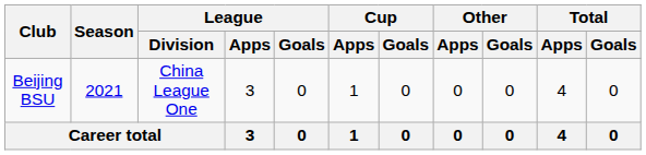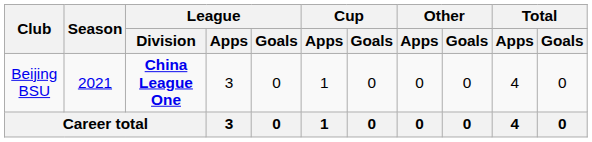 <table class="wikitable" style="text-align: center">
 <tr>
 <th rowspan="2">Club</th>
 <th rowspan="2">Season</th>
 <th colspan="3">League</th>
 <th colspan="2">Cup</th>
 <th colspan="2">Other</th>
 <th colspan="2">Total</th>
 </tr>
 <tr>
 <th>Division</th>
 <th>Apps</th>
 <th>Goals</th>
 <th>Apps</th>
 <th>Goals</th>
 <th>Apps</th>
 <th>Goals</th>
 <th>Apps</th>
 <th>Goals</th>
 </tr>
 <tr>
 <td><a href='#'>Beijing BSU</a></td>
 <td><a href='#'>2021</a></td>
-<td><a href='#'>China League One</a></td>
+<td><strong><a href='#'>China League One</a></strong></td>
 <td>3</td>
 <td>0</td>
 <td>1</td>
 <td>0</td>
 <td>0</td>
 <td>0</td>
 <td>4</td>
 <td>0</td>
 </tr>
 <tr>
 <th colspan=3>Career total</th>
 <th>3</th>
 <th>0</th>
 <th>1</th>
 <th>0</th>
 <th>0</th>
 <th>0</th>
 <th>4</th>
 <th>0</th>
 </tr>
 </table>
